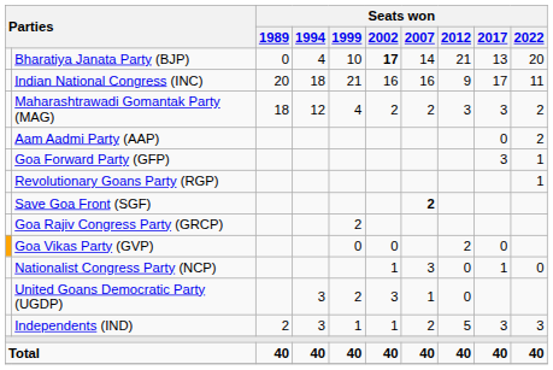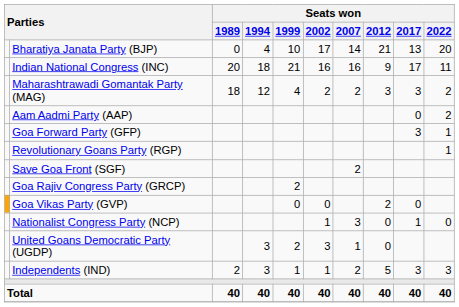 <table class="wikitable sortable" style="text-align:right; font-size:95%;">
 <tr>
 <th style="text-align:left;" colspan="2"; rowspan="2">Parties</th>
 <th colspan="8">Seats won</th>
 </tr>
 <tr>
 <th><a href='#'>1989</a></th>
 <th><a href='#'>1994</a></th>
 <th><a href='#'>1999</a></th>
 <th><a href='#'>2002</a></th>
 <th><a href='#'>2007</a></th>
 <th><a href='#'>2012</a></th>
 <th><a href='#'>2017</a></th>
 <th><a href='#'>2022</a></th>
 </tr>
 <tr>
 <td style="color:inherit;background:"></td>
 <td align="left"><a href='#'>Bharatiya Janata Party</a> (BJP)</td>
 <td>0</td>
 <td>4</td>
 <td>10</td>
-<td><strong>17</strong></td>
+<td>17</td>
 <td>14</td>
 <td>21</td>
 <td>13</td>
 <td>20</td>
 </tr>
 <tr>
 <td style="color:inherit;background:"></td>
 <td align="left"><a href='#'>Indian National Congress</a> (INC)</td>
 <td>20</td>
 <td>18</td>
 <td>21</td>
 <td>16</td>
 <td>16</td>
 <td>9</td>
 <td>17</td>
 <td>11</td>
 </tr>
 <tr>
 <td style="color:inherit;background:"></td>
 <td align="left"><a href='#'>Maharashtrawadi Gomantak Party</a> (MAG)</td>
 <td>18</td>
 <td>12</td>
 <td>4</td>
 <td>2</td>
 <td>2</td>
 <td>3</td>
 <td>3</td>
 <td>2</td>
 </tr>
 <tr>
 <td style="color:inherit;background:"></td>
 <td align="left"><a href='#'>Aam Aadmi Party</a> (AAP)</td>
 <td></td>
 <td></td>
 <td></td>
 <td></td>
 <td></td>
 <td></td>
 <td>0</td>
 <td>2</td>
 </tr>
 <tr>
 <td style="color:inherit;background:"></td>
 <td align="left"><a href='#'>Goa Forward Party</a> (GFP)</td>
 <td></td>
 <td></td>
 <td></td>
 <td></td>
 <td></td>
 <td></td>
 <td>3</td>
 <td>1</td>
 </tr>
 <tr>
 <td style="color:inherit;background:"></td>
 <td align="left"><a href='#'>Revolutionary Goans Party</a> (RGP)</td>
 <td></td>
 <td></td>
 <td></td>
 <td></td>
 <td></td>
 <td></td>
 <td></td>
 <td>1</td>
 </tr>
 <tr>
 <td style="color:inherit;background:"></td>
 <td align="left"><a href='#'>Save Goa Front</a> (SGF)</td>
 <td></td>
 <td></td>
 <td></td>
 <td></td>
-<td><strong>2</strong></td>
+<td>2</td>
 <td></td>
 <td></td>
 <td></td>
 </tr>
 <tr>
 <td style="color:inherit;background:"></td>
 <td align="left"><a href='#'>Goa Rajiv Congress Party</a> (GRCP)</td>
 <td></td>
 <td></td>
 <td>2</td>
 <td></td>
 <td></td>
 <td></td>
 <td></td>
 <td></td>
 </tr>
 <tr>
 <td bgcolor="orange"></td>
 <td align="left"><a href='#'>Goa Vikas Party</a> (GVP)</td>
 <td></td>
 <td></td>
 <td>0</td>
 <td>0</td>
 <td></td>
 <td>2</td>
 <td>0</td>
 <td></td>
 </tr>
 <tr>
 <td style="color:inherit;background:"></td>
 <td align="left"><a href='#'>Nationalist Congress Party</a> (NCP)</td>
 <td></td>
 <td></td>
 <td></td>
 <td>1</td>
 <td>3</td>
 <td>0</td>
 <td>1</td>
 <td>0</td>
 </tr>
 <tr>
 <td style="color:inherit;background:"></td>
 <td align="left"><a href='#'>United Goans Democratic Party</a> (UGDP)</td>
 <td></td>
 <td>3</td>
 <td>2</td>
 <td>3</td>
 <td>1</td>
 <td>0</td>
 <td></td>
 <td></td>
 </tr>
 <tr>
 <td style="color:inherit;background:"></td>
 <td align="left"><a href='#'>Independents</a> (IND)</td>
 <td>2</td>
 <td>3</td>
 <td>1</td>
 <td>1</td>
 <td>2</td>
 <td>5</td>
 <td>3</td>
 <td>3</td>
 </tr>
 <tr>
 <td colspan="10" bgcolor="#E9E9E9"></td>
 </tr>
 <tr style="font-weight:bold;">
 <td colspan="2" align="left">Total</td>
 <td>40</td>
 <td>40</td>
 <td>40</td>
 <td>40</td>
 <td>40</td>
 <td>40</td>
 <td>40</td>
 <td>40</td>
 </tr>
 <tr>
 </tr>
 </table>
